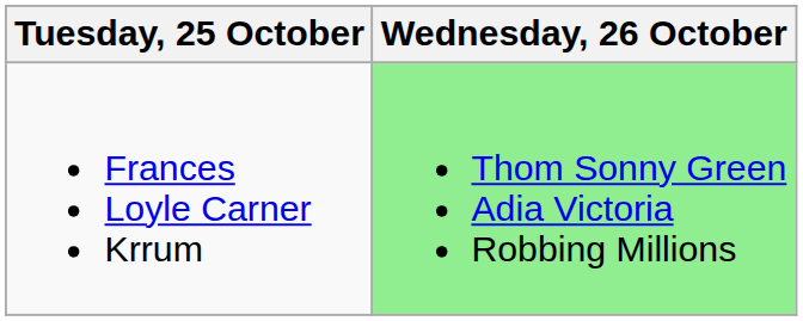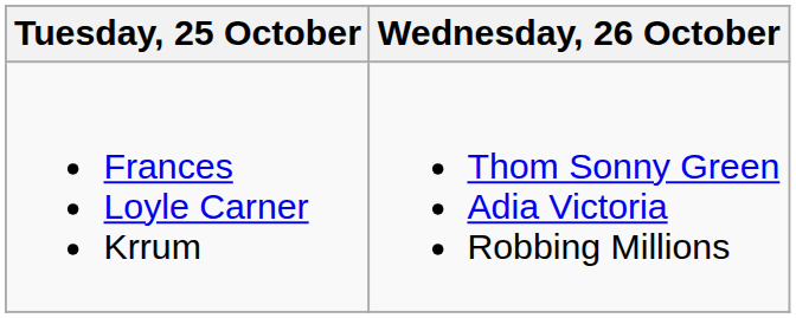 <table class="wikitable">
 <tr>
 <th>Tuesday, 25 October</th>
 <th>Wednesday, 26 October</th>
 </tr>
 <tr valign="top">
 <td><br><ul><li><a href='#'>Frances</a></li><li><a href='#'>Loyle Carner</a></li><li>Krrum</li></ul></td>
-<td style="background: lightgreen;"><br><ul><li><a href='#'>Thom Sonny Green</a></li><li><a href='#'>Adia Victoria</a></li><li>Robbing Millions</li></ul></td>
+<td><br><ul><li><a href='#'>Thom Sonny Green</a></li><li><a href='#'>Adia Victoria</a></li><li>Robbing Millions</li></ul></td>
 </tr>
 </table>
